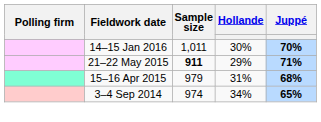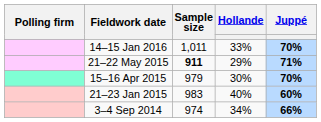 <table class="wikitable sortable" style="text-align:center;font-size:90%;line-height:14px;">
 <tr style="height:40px;">
 <th style="width:100px;" rowspan="2">Polling firm</th>
 <th style="width:110px;" rowspan="2">Fieldwork date</th>
 <th style="width:35px;" rowspan="2">Sample<br>size</th>
 <th class="unsortable" style="width:60px;"><a href='#'>Hollande</a><br></th>
 <th class="unsortable" style="width:60px;"><a href='#'>Juppé</a><br></th>
 </tr>
 <tr>
 <th style="background:"></th>
 <th style="background:"></th>
 </tr>
 <tr>
 <td style="background:#FFCCFF;"></td>
 <td data-sort-value="2016-01-15">14–15 Jan 2016</td>
 <td>1,011</td>
-<td>30%</td>
+<td>33%</td>
 <td style="background:#B9DAFF;"><strong>70%</strong></td>
 </tr>
 <tr>
 <td style="background:#FFCCFF;"></td>
 <td data-sort-value="2015-05-22">21–22 May 2015</td>
 <td><strong>911</strong></td>
 <td>29%</td>
 <td style="background:#B9DAFF;"><strong>71%</strong></td>
 </tr>
 <tr>
 <td style="background:aquamarine;"></td>
 <td data-sort-value="2015-04-16">15–16 Apr 2015</td>
 <td>979</td>
-<td>31%</td>
-<td style="background:#B9DAFF;"><strong>68%</strong></td>
+<td>30%</td>
+<td style="background:#B9DAFF;"><strong>70%</strong></td>
+</tr>
+<tr>
+<td style="background:#FFCCCC;"></td>
+<td data-sort-value="2015-01-23">21–23 Jan 2015</td>
+<td>983</td>
+<td>40%</td>
+<td style="background:#B9DAFF;"><strong>60%</strong></td>
 </tr>
 <tr>
 <td style="background:#FFCCCC;"></td>
 <td data-sort-value="2014-09-04">3–4 Sep 2014</td>
 <td>974</td>
 <td>34%</td>
-<td style="background:#B9DAFF;"><strong>65%</strong></td>
+<td style="background:#B9DAFF;"><strong>66%</strong></td>
 </tr>
 </table>
